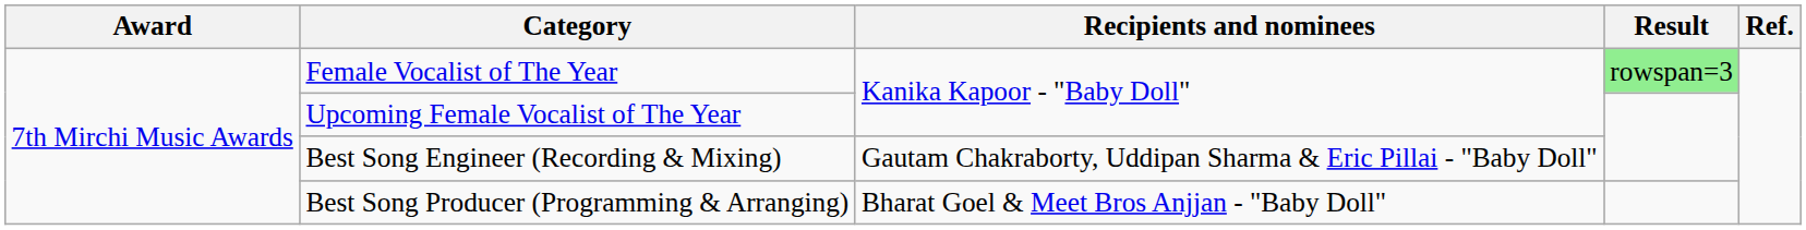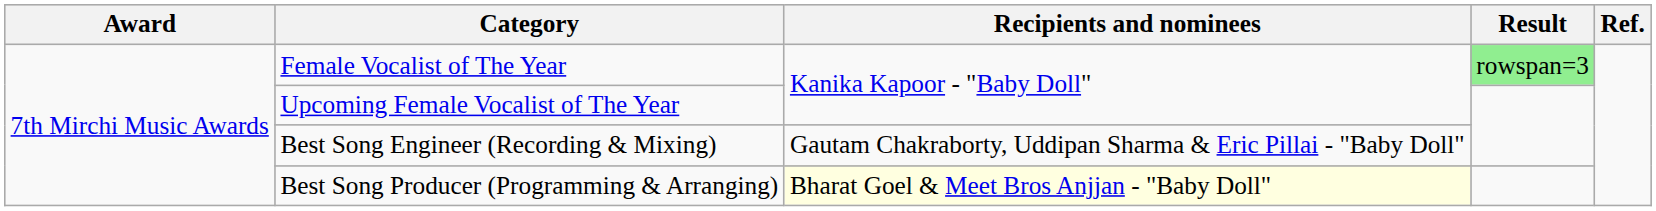 <table class="wikitable sortable">
 <tr>
 <th>Award</th>
 <th>Category</th>
 <th>Recipients and nominees</th>
 <th>Result</th>
 <th>Ref.</th>
 </tr>
 <tr>
 <td rowspan=4><a href='#'>7th Mirchi Music Awards</a></td>
 <td><a href='#'>Female Vocalist of The Year</a></td>
 <td rowspan=2><a href='#'>Kanika Kapoor</a> - "<a href='#'>Baby Doll</a>"</td>
 <td style="background: lightgreen;">rowspan=3 </td>
 <td rowspan=4></td>
 </tr>
 <tr>
 <td><a href='#'>Upcoming Female Vocalist of The Year</a></td>
 </tr>
 <tr>
 <td>Best Song Engineer (Recording & Mixing)</td>
 <td>Gautam Chakraborty, Uddipan Sharma & <a href='#'>Eric Pillai</a> - "Baby Doll"</td>
 </tr>
 <tr>
 <td>Best Song Producer (Programming & Arranging)</td>
-<td>Bharat Goel & <a href='#'>Meet Bros Anjjan</a> - "Baby Doll"</td>
+<td style="background: lightyellow;">Bharat Goel & <a href='#'>Meet Bros Anjjan</a> - "Baby Doll"</td>
 <td></td>
 </tr>
 </table>
